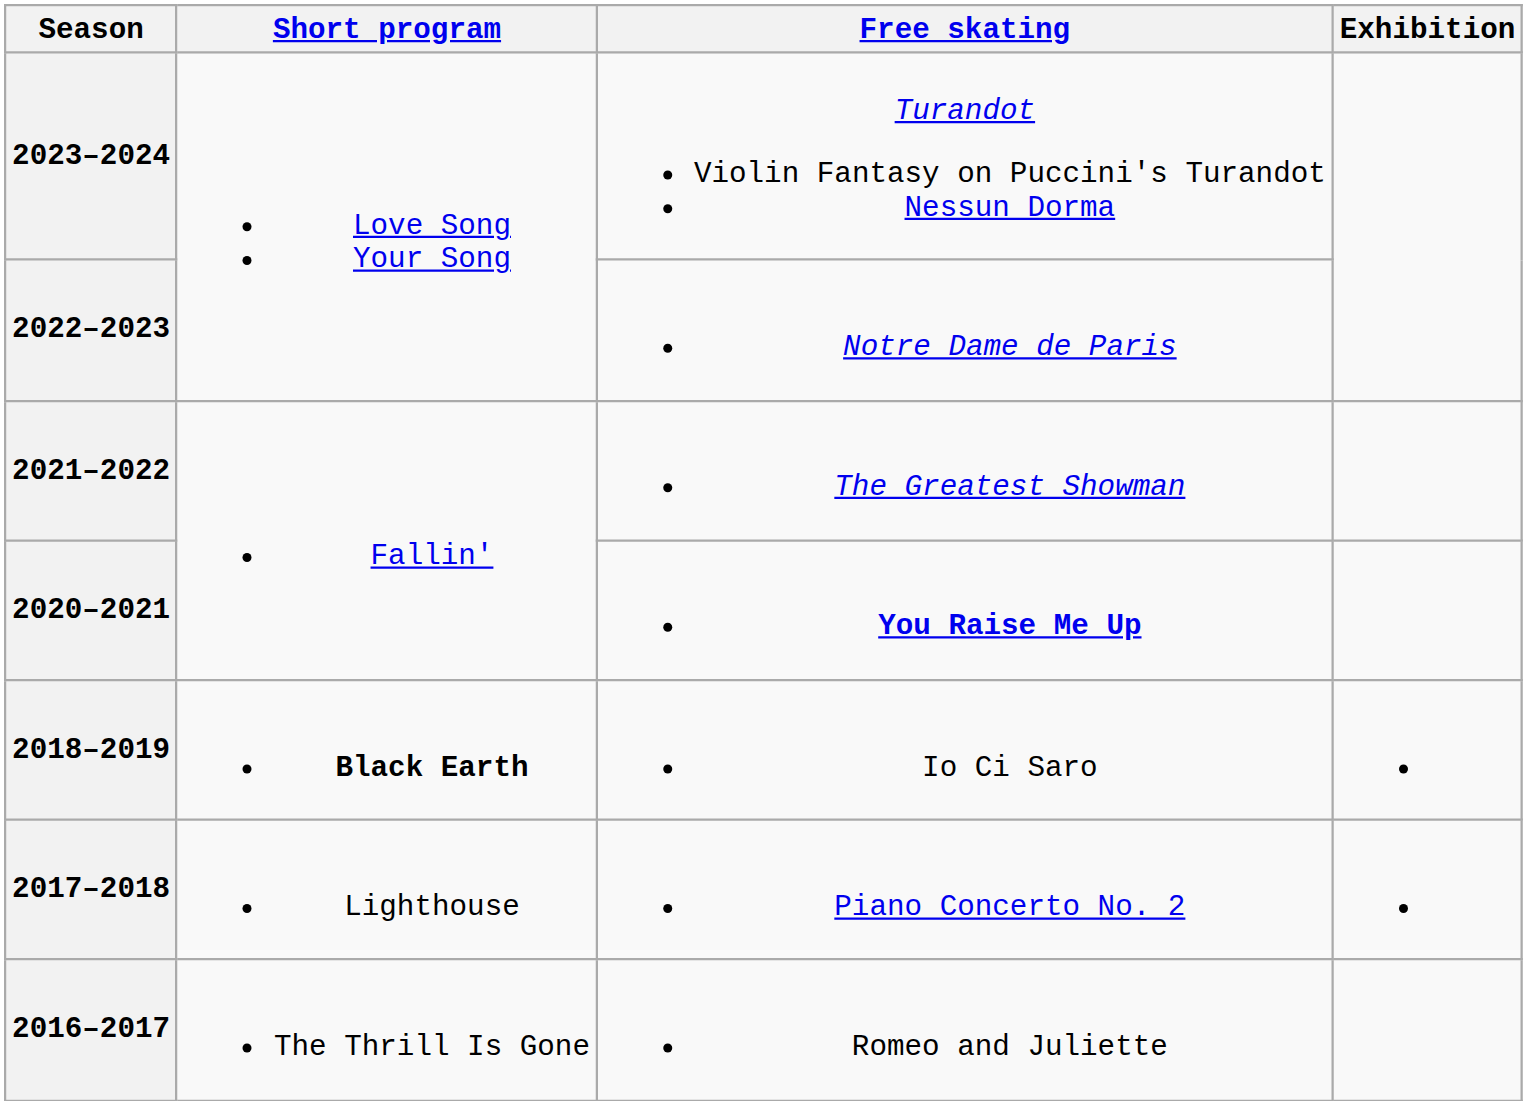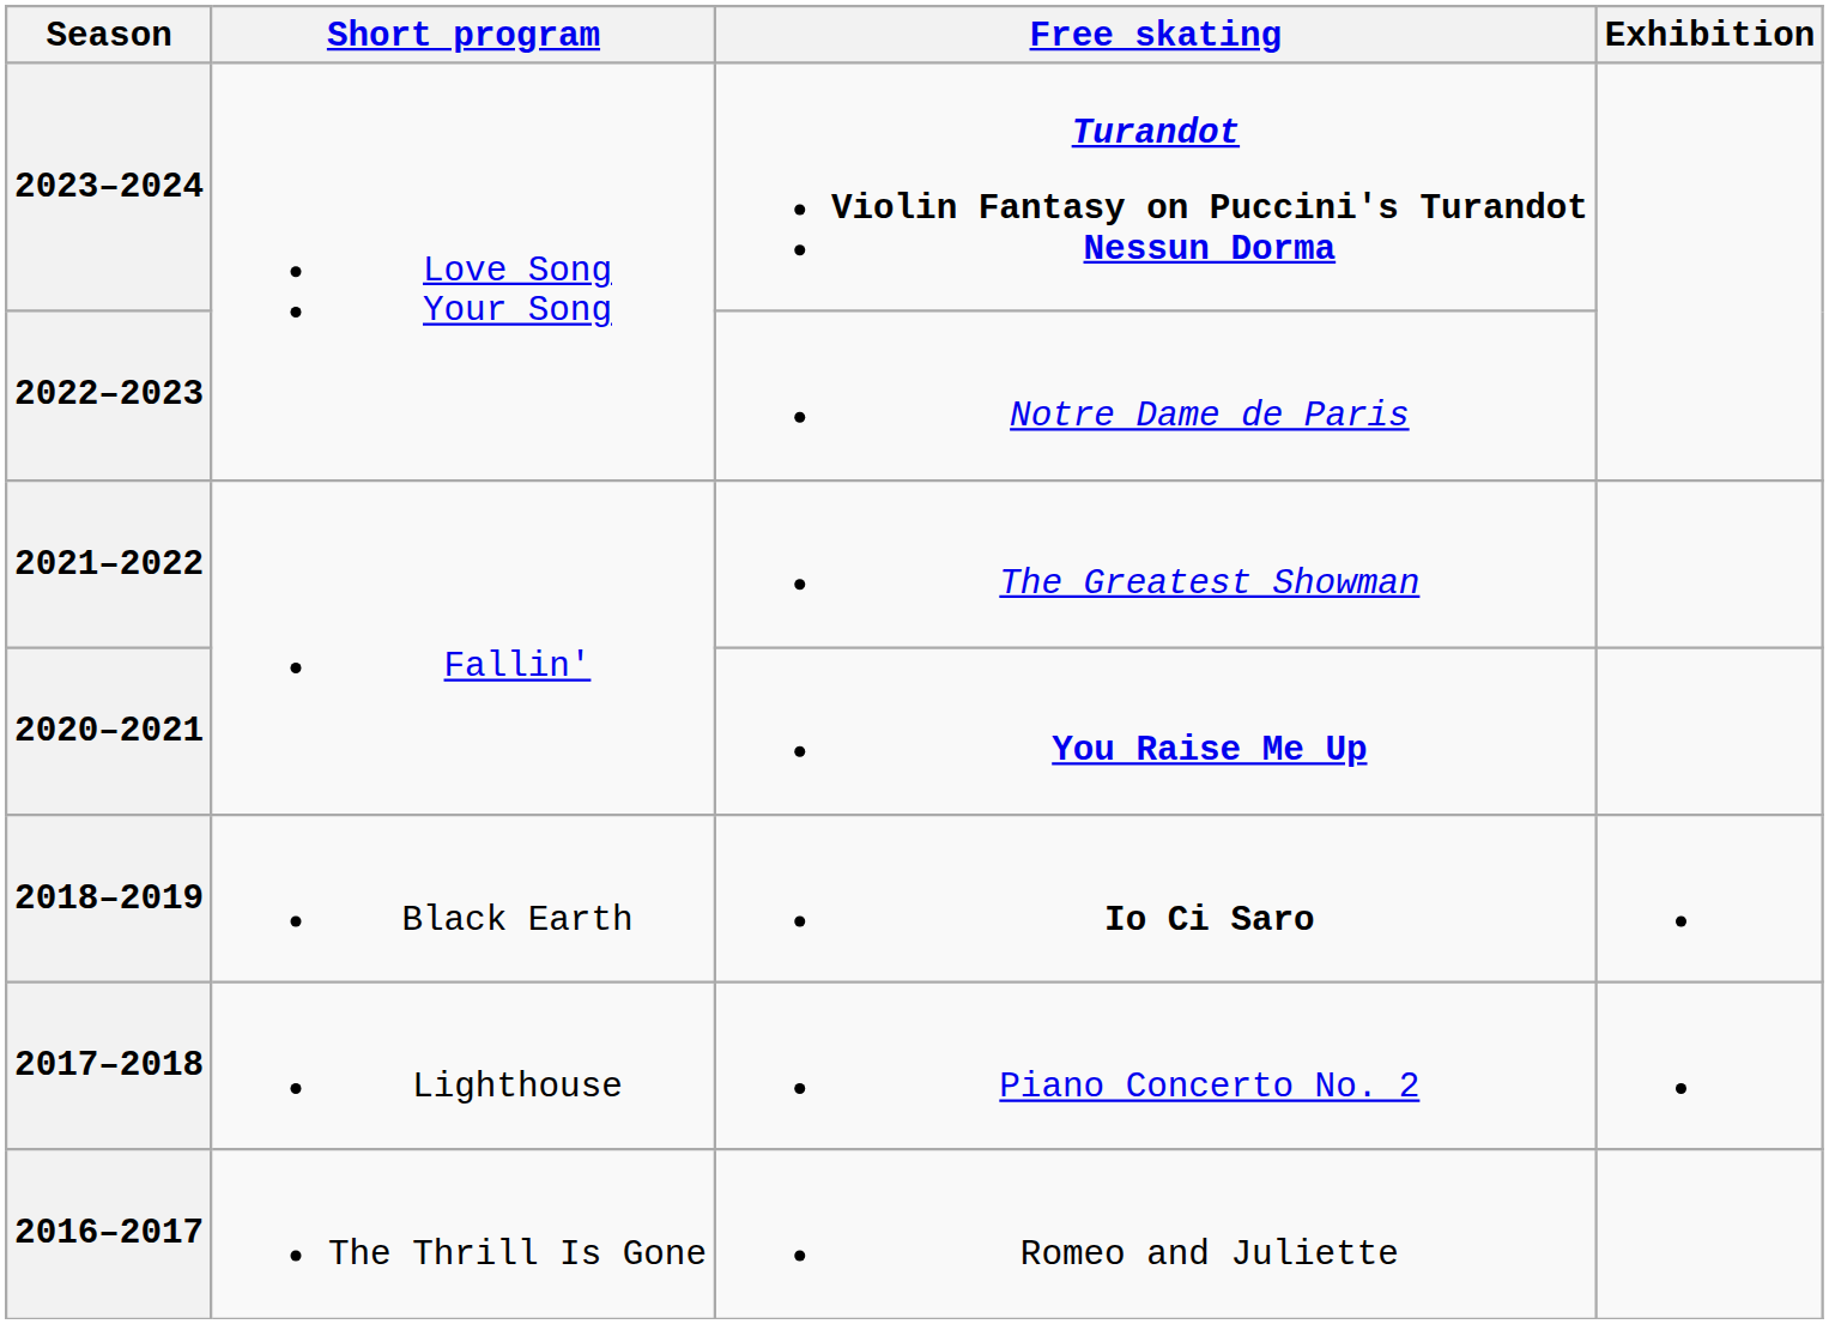 <table class=wikitable style=text-align:center>
 <tr>
 <th>Season</th>
 <th><a href='#'>Short program</a></th>
 <th><a href='#'>Free skating</a></th>
 <th>Exhibition</th>
 </tr>
 <tr>
 <th>2023–2024</th>
 <td rowspan=2><br><ul><li><a href='#'>Love Song</a> <br></li><li><a href='#'>Your Song</a> <br></li></ul></td>
-<td><br><em><a href='#'>Turandot</a></em><ul><li>Violin Fantasy on Puccini's Turandot <br></li><li><a href='#'>Nessun Dorma</a> <br></li></ul></td>
+<td><strong><br><em><a href='#'>Turandot</a></em><ul><li>Violin Fantasy on Puccini's Turandot <br></li><li><a href='#'>Nessun Dorma</a> <br></li></ul></strong></td>
 </tr>
 <tr>
 <th>2022–2023</th>
 <td><br><ul><li><em><a href='#'>Notre Dame de Paris</a></em> <br></li></ul></td>
 </tr>
 <tr>
 <th>2021–2022</th>
 <td rowspan=2><br><ul><li><a href='#'>Fallin'</a> <br></li></ul></td>
 <td><br><ul><li><em><a href='#'>The Greatest Showman</a></em> <br></li></ul></td>
 <td></td>
 </tr>
 <tr>
 <th>2020–2021</th>
 <td><strong><br><ul><li><a href='#'>You Raise Me Up</a> <br></li></ul></strong></td>
 <td></td>
 </tr>
 <tr>
 <th>2018–2019 <br> </th>
-<td><strong><br><ul><li>Black Earth <br></li></ul></strong></td>
-<td><br><ul><li>Io Ci Saro <br></li></ul></td>
+<td><br><ul><li>Black Earth <br></li></ul></td>
+<td><strong><br><ul><li>Io Ci Saro <br></li></ul></strong></td>
 <td><br><ul><li></li></ul></td>
 </tr>
 <tr>
 <th>2017–2018 <br> </th>
 <td><br><ul><li>Lighthouse <br></li></ul></td>
 <td><br><ul><li><a href='#'>Piano Concerto No. 2</a> <br></li></ul></td>
 <td><br><ul><li></li></ul></td>
 </tr>
 <tr>
 <th>2016–2017 <br> </th>
 <td><br><ul><li>The Thrill Is Gone <br></li></ul></td>
 <td><br><ul><li>Romeo and Juliette</li></ul></td>
 <td></td>
 </tr>
 </table>
